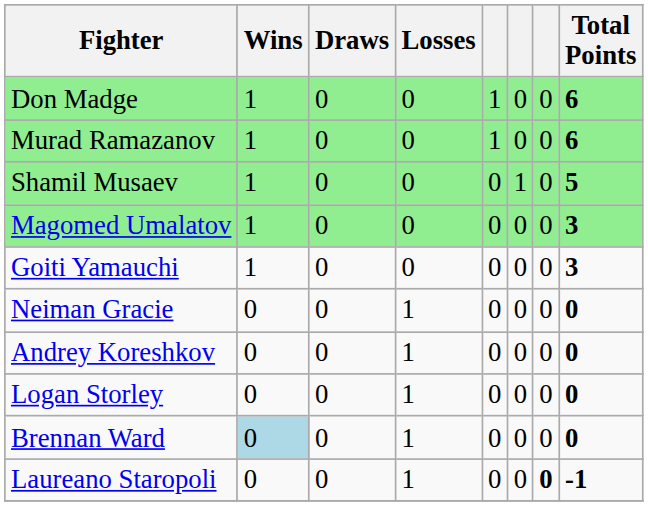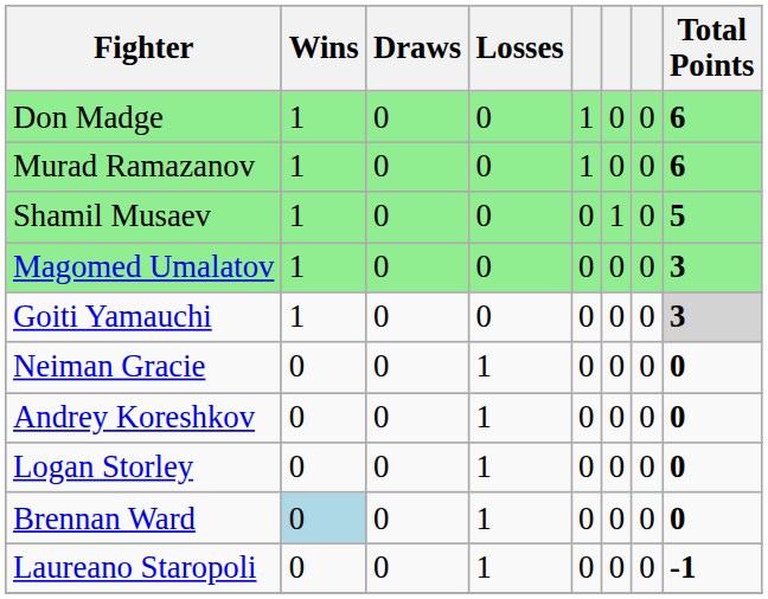 <table class="wikitable sortable">
 <tr>
 <th>Fighter</th>
 <th>Wins</th>
 <th>Draws</th>
 <th>Losses</th>
 <th></th>
 <th></th>
 <th></th>
 <th>Total<br> Points</th>
 </tr>
 <tr style="background:#90EE90;">
 <td> Don Madge</td>
 <td>1</td>
 <td>0</td>
 <td>0</td>
 <td>1</td>
 <td>0</td>
 <td>0</td>
 <td><strong>6</strong></td>
 </tr>
 <tr style="background:#90EE90;">
 <td> Murad Ramazanov</td>
 <td>1</td>
 <td>0</td>
 <td>0</td>
 <td>1</td>
 <td>0</td>
 <td>0</td>
 <td><strong>6</strong></td>
 </tr>
 <tr style="background:#90EE90;">
 <td> Shamil Musaev</td>
 <td>1</td>
 <td>0</td>
 <td>0</td>
 <td>0</td>
 <td>1</td>
 <td>0</td>
 <td><strong>5</strong></td>
 </tr>
 <tr style="background:#90EE90;">
 <td> <a href='#'>Magomed Umalatov</a></td>
 <td>1</td>
 <td>0</td>
 <td>0</td>
 <td>0</td>
 <td>0</td>
 <td>0</td>
 <td><strong>3</strong></td>
 </tr>
 <tr>
 <td> <a href='#'>Goiti Yamauchi</a></td>
 <td>1</td>
 <td>0</td>
 <td>0</td>
 <td>0</td>
 <td>0</td>
 <td>0</td>
-<td><strong>3</strong></td>
+<td style="background: lightgrey;"><strong>3</strong></td>
 </tr>
 <tr>
 <td> <a href='#'>Neiman Gracie</a></td>
 <td>0</td>
 <td>0</td>
 <td>1</td>
 <td>0</td>
 <td>0</td>
 <td>0</td>
 <td><strong>0</strong></td>
 </tr>
 <tr>
 <td> <a href='#'>Andrey Koreshkov</a></td>
 <td>0</td>
 <td>0</td>
 <td>1</td>
 <td>0</td>
 <td>0</td>
 <td>0</td>
 <td><strong>0</strong></td>
 </tr>
 <tr>
 <td> <a href='#'>Logan Storley</a></td>
 <td>0</td>
 <td>0</td>
 <td>1</td>
 <td>0</td>
 <td>0</td>
 <td>0</td>
 <td><strong>0</strong></td>
 </tr>
 <tr>
 <td> <a href='#'>Brennan Ward</a></td>
 <td style="background: lightblue;">0</td>
 <td>0</td>
 <td>1</td>
 <td>0</td>
 <td>0</td>
 <td>0</td>
 <td><strong>0</strong></td>
 </tr>
 <tr>
 <td> <a href='#'>Laureano Staropoli</a></td>
 <td>0</td>
 <td>0</td>
 <td>1</td>
 <td>0</td>
 <td>0</td>
-<td><strong>0</strong></td>
+<td>0</td>
 <td><strong>-1</strong></td>
 </tr>
 <tr>
 </tr>
 </table>
